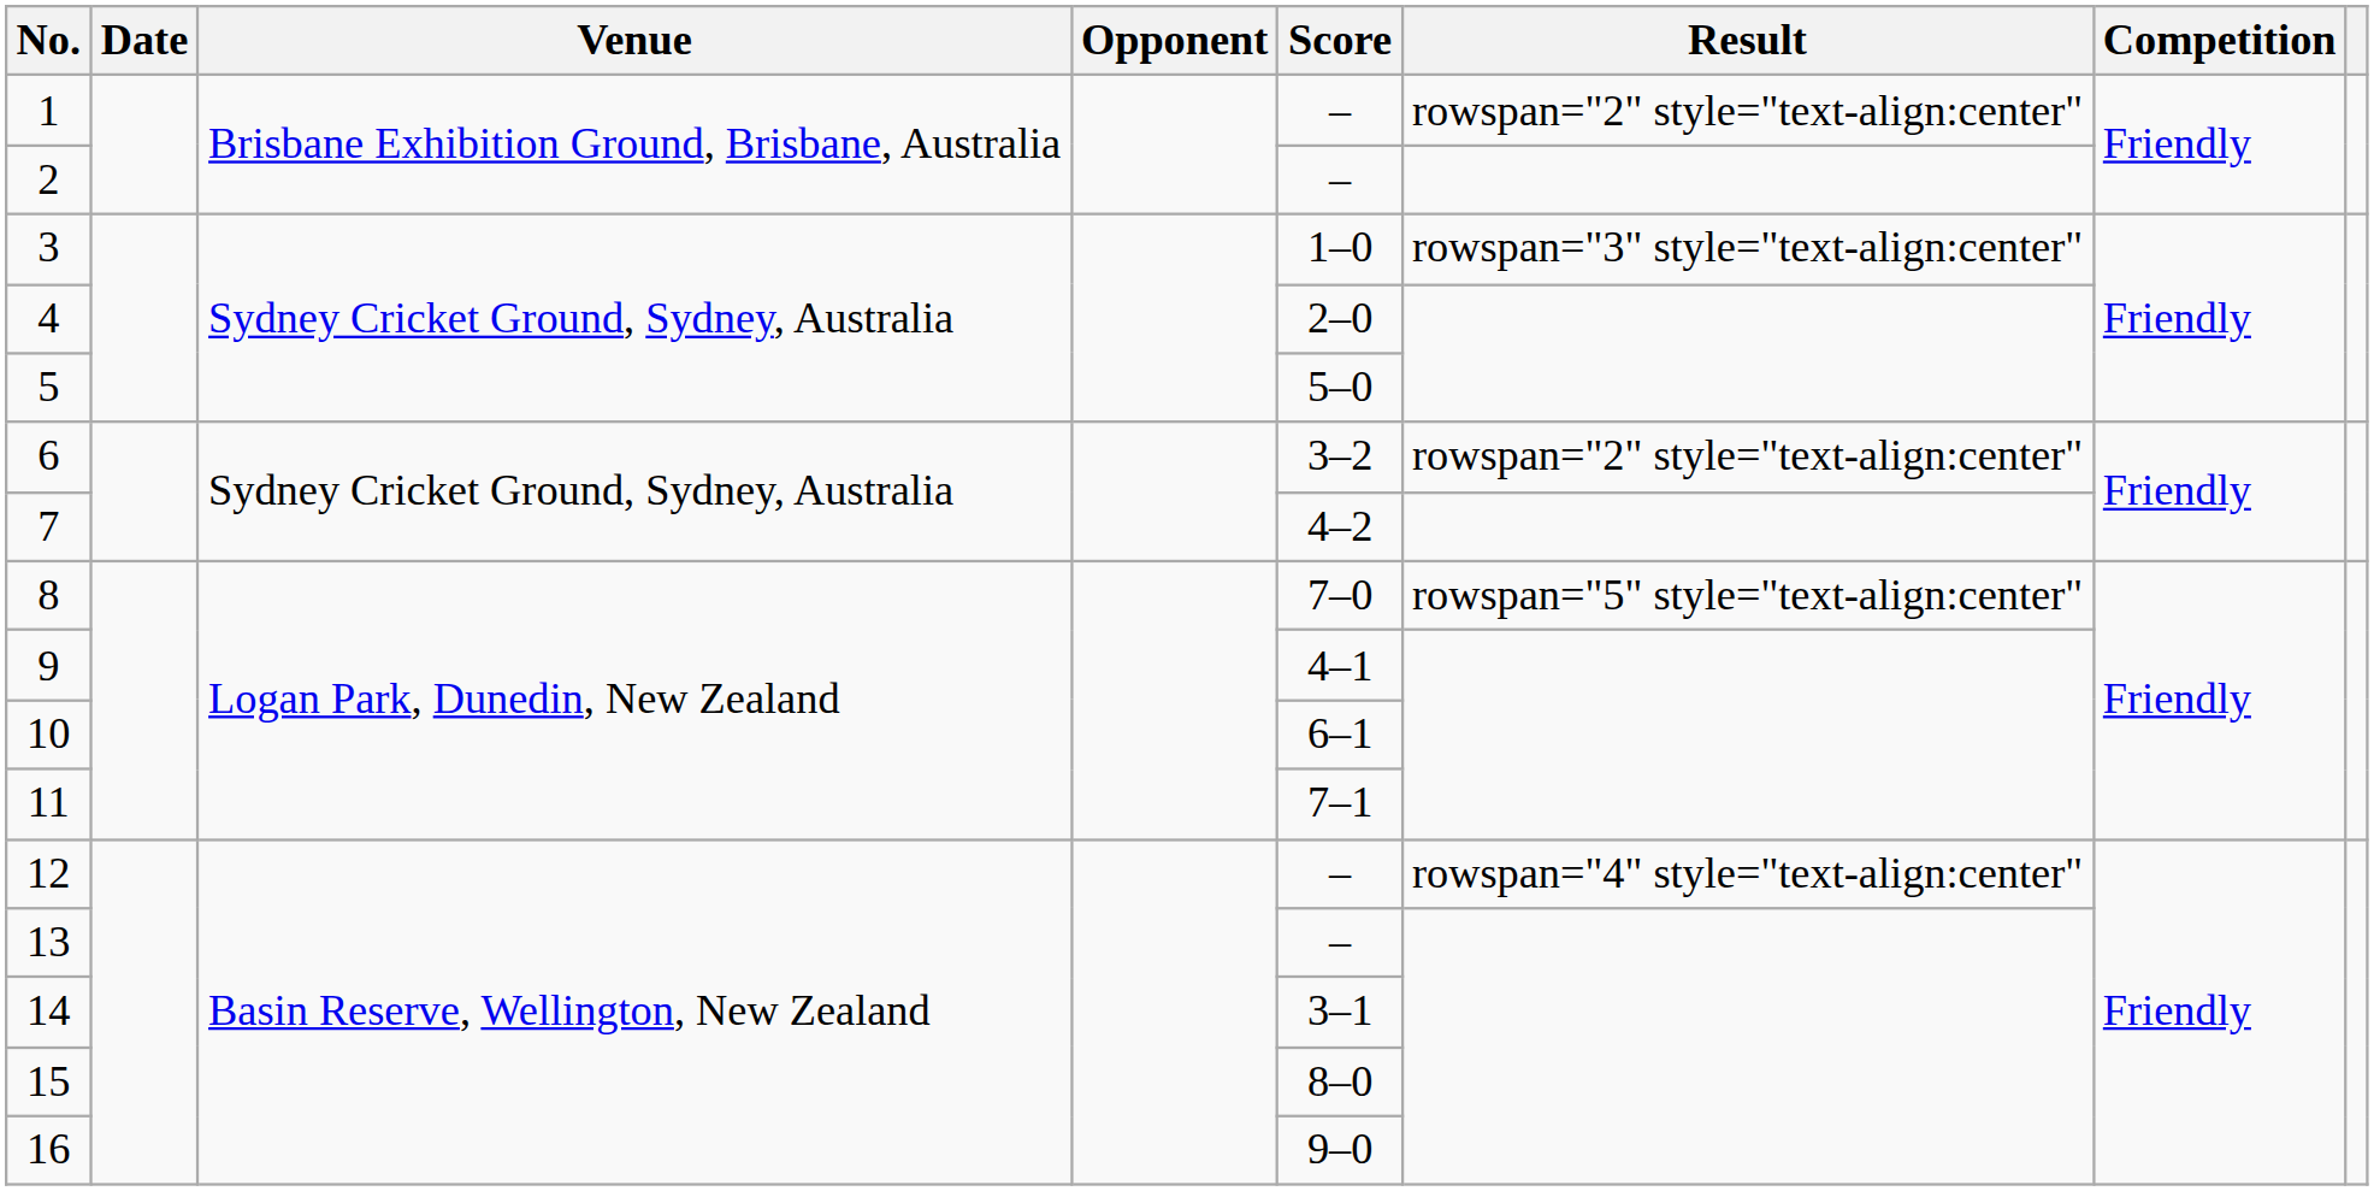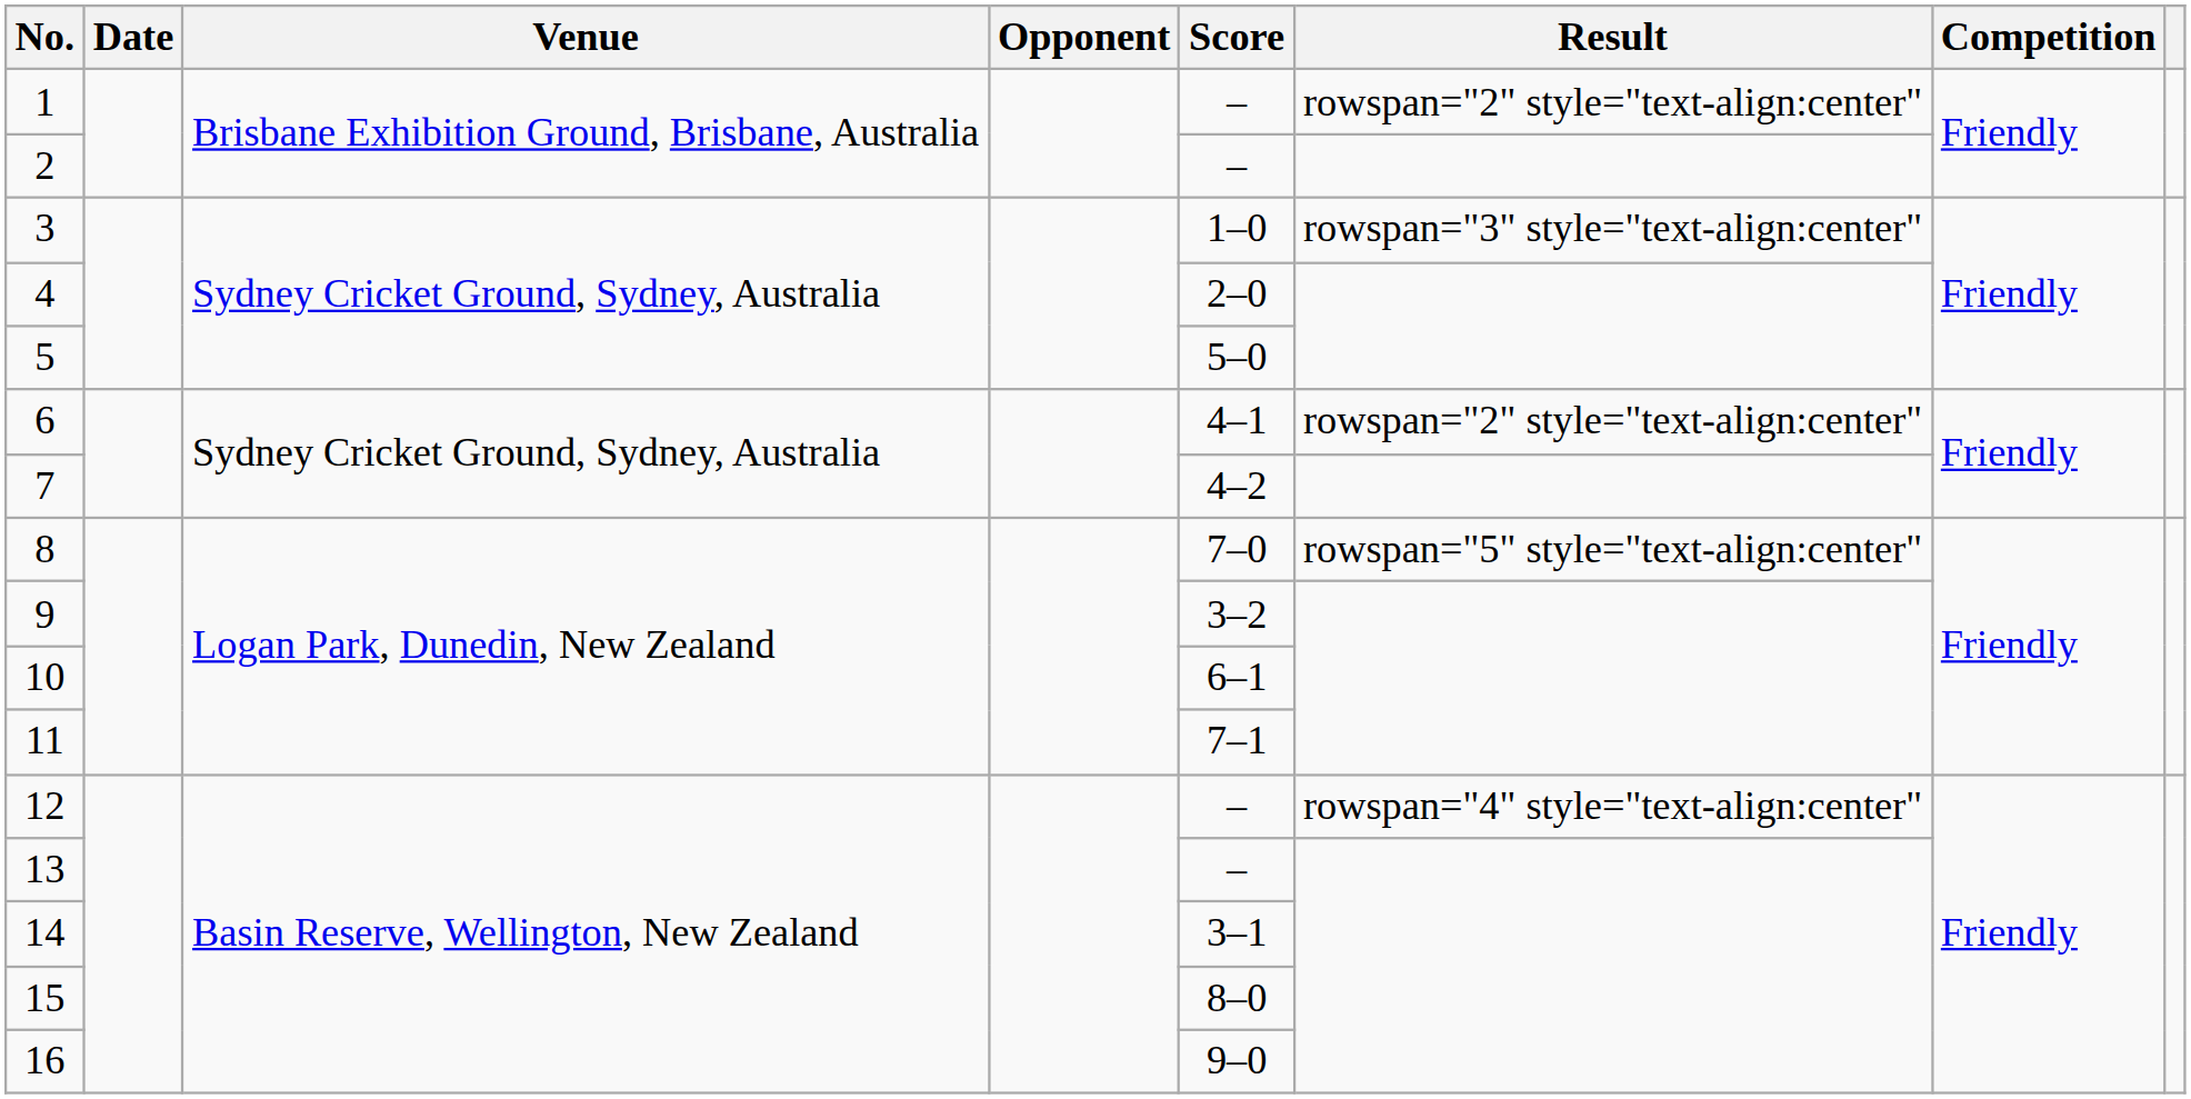 <table class="wikitable sortable">
 <tr>
 <th scope="col">No.</th>
 <th scope="col">Date</th>
 <th scope="col">Venue</th>
 <th scope="col">Opponent</th>
 <th scope="col">Score</th>
 <th scope="col">Result</th>
 <th scope="col">Competition</th>
 <th scope="col" class="unsortable"></th>
 </tr>
 <tr>
 <td style="text-align:center">1</td>
 <td rowspan="2"></td>
 <td rowspan="2"><a href='#'>Brisbane Exhibition Ground</a>, <a href='#'>Brisbane</a>, Australia</td>
 <td rowspan="2"></td>
 <td style="text-align:center">–</td>
 <td>rowspan="2" style="text-align:center" </td>
 <td rowspan="2"><a href='#'>Friendly</a></td>
 <td rowspan="2"></td>
 </tr>
 <tr>
 <td style="text-align:center">2</td>
 <td style="text-align:center">–</td>
 </tr>
 <tr>
 <td style="text-align:center">3</td>
 <td rowspan="3"></td>
 <td rowspan="3"><a href='#'>Sydney Cricket Ground</a>, <a href='#'>Sydney</a>, Australia</td>
 <td rowspan="3"></td>
 <td style="text-align:center">1–0</td>
 <td>rowspan="3" style="text-align:center" </td>
 <td rowspan="3"><a href='#'>Friendly</a></td>
 <td rowspan="3"></td>
 </tr>
 <tr>
 <td style="text-align:center">4</td>
 <td style="text-align:center">2–0</td>
 </tr>
 <tr>
 <td style="text-align:center">5</td>
 <td style="text-align:center">5–0</td>
 </tr>
 <tr>
 <td style="text-align:center">6</td>
 <td rowspan="2"></td>
 <td rowspan="2">Sydney Cricket Ground, Sydney, Australia</td>
 <td rowspan="2"></td>
-<td style="text-align:center">3–2</td>
+<td style="text-align:center">4–1</td>
 <td>rowspan="2" style="text-align:center" </td>
 <td rowspan="2"><a href='#'>Friendly</a></td>
 <td rowspan="2"></td>
 </tr>
 <tr>
 <td style="text-align:center">7</td>
 <td style="text-align:center">4–2</td>
 </tr>
 <tr>
 <td style="text-align:center">8</td>
 <td rowspan="4"></td>
 <td rowspan="4"><a href='#'>Logan Park</a>, <a href='#'>Dunedin</a>, New Zealand</td>
 <td rowspan="4"></td>
 <td style="text-align:center">7–0</td>
 <td>rowspan="5" style="text-align:center" </td>
 <td rowspan="4"><a href='#'>Friendly</a></td>
 <td rowspan="4"></td>
 </tr>
 <tr>
 <td style="text-align:center">9</td>
-<td style="text-align:center">4–1</td>
+<td style="text-align:center">3–2</td>
 </tr>
 <tr>
 <td style="text-align:center">10</td>
 <td style="text-align:center">6–1</td>
 </tr>
 <tr>
 <td style="text-align:center">11</td>
 <td style="text-align:center">7–1</td>
 </tr>
 <tr>
 <td style="text-align:center">12</td>
 <td rowspan="5"></td>
 <td rowspan="5"><a href='#'>Basin Reserve</a>, <a href='#'>Wellington</a>, New Zealand</td>
 <td rowspan="5"></td>
 <td style="text-align:center">–</td>
 <td>rowspan="4" style="text-align:center" </td>
 <td rowspan="5"><a href='#'>Friendly</a></td>
 <td rowspan="5"></td>
 </tr>
 <tr>
 <td style="text-align:center">13</td>
 <td style="text-align:center">–</td>
 </tr>
 <tr>
 <td style="text-align:center">14</td>
 <td style="text-align:center">3–1</td>
 </tr>
 <tr>
 <td style="text-align:center">15</td>
 <td style="text-align:center">8–0</td>
 </tr>
 <tr>
 <td style="text-align:center">16</td>
 <td style="text-align:center">9–0</td>
 </tr>
 </table>
